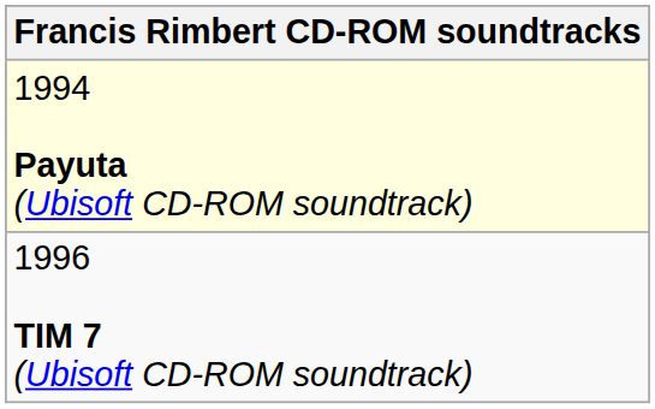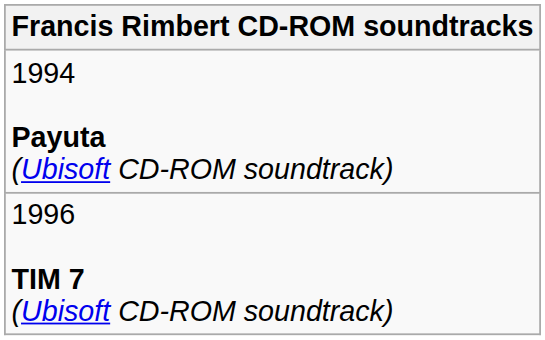 <table class="wikitable">
 <tr>
 <th>Francis Rimbert CD-ROM soundtracks</th>
 </tr>
 <tr>
-<td style="background: lightyellow;">1994 <br><br><strong>Payuta</strong> <br> <em>(<a href='#'>Ubisoft</a> CD-ROM soundtrack)</em></td>
+<td>1994 <br><br><strong>Payuta</strong> <br> <em>(<a href='#'>Ubisoft</a> CD-ROM soundtrack)</em></td>
 </tr>
 <tr>
 <td>1996 <br><br><strong>TIM 7</strong> <br> <em>(<a href='#'>Ubisoft</a> CD-ROM soundtrack)</em></td>
 </tr>
 </table>
